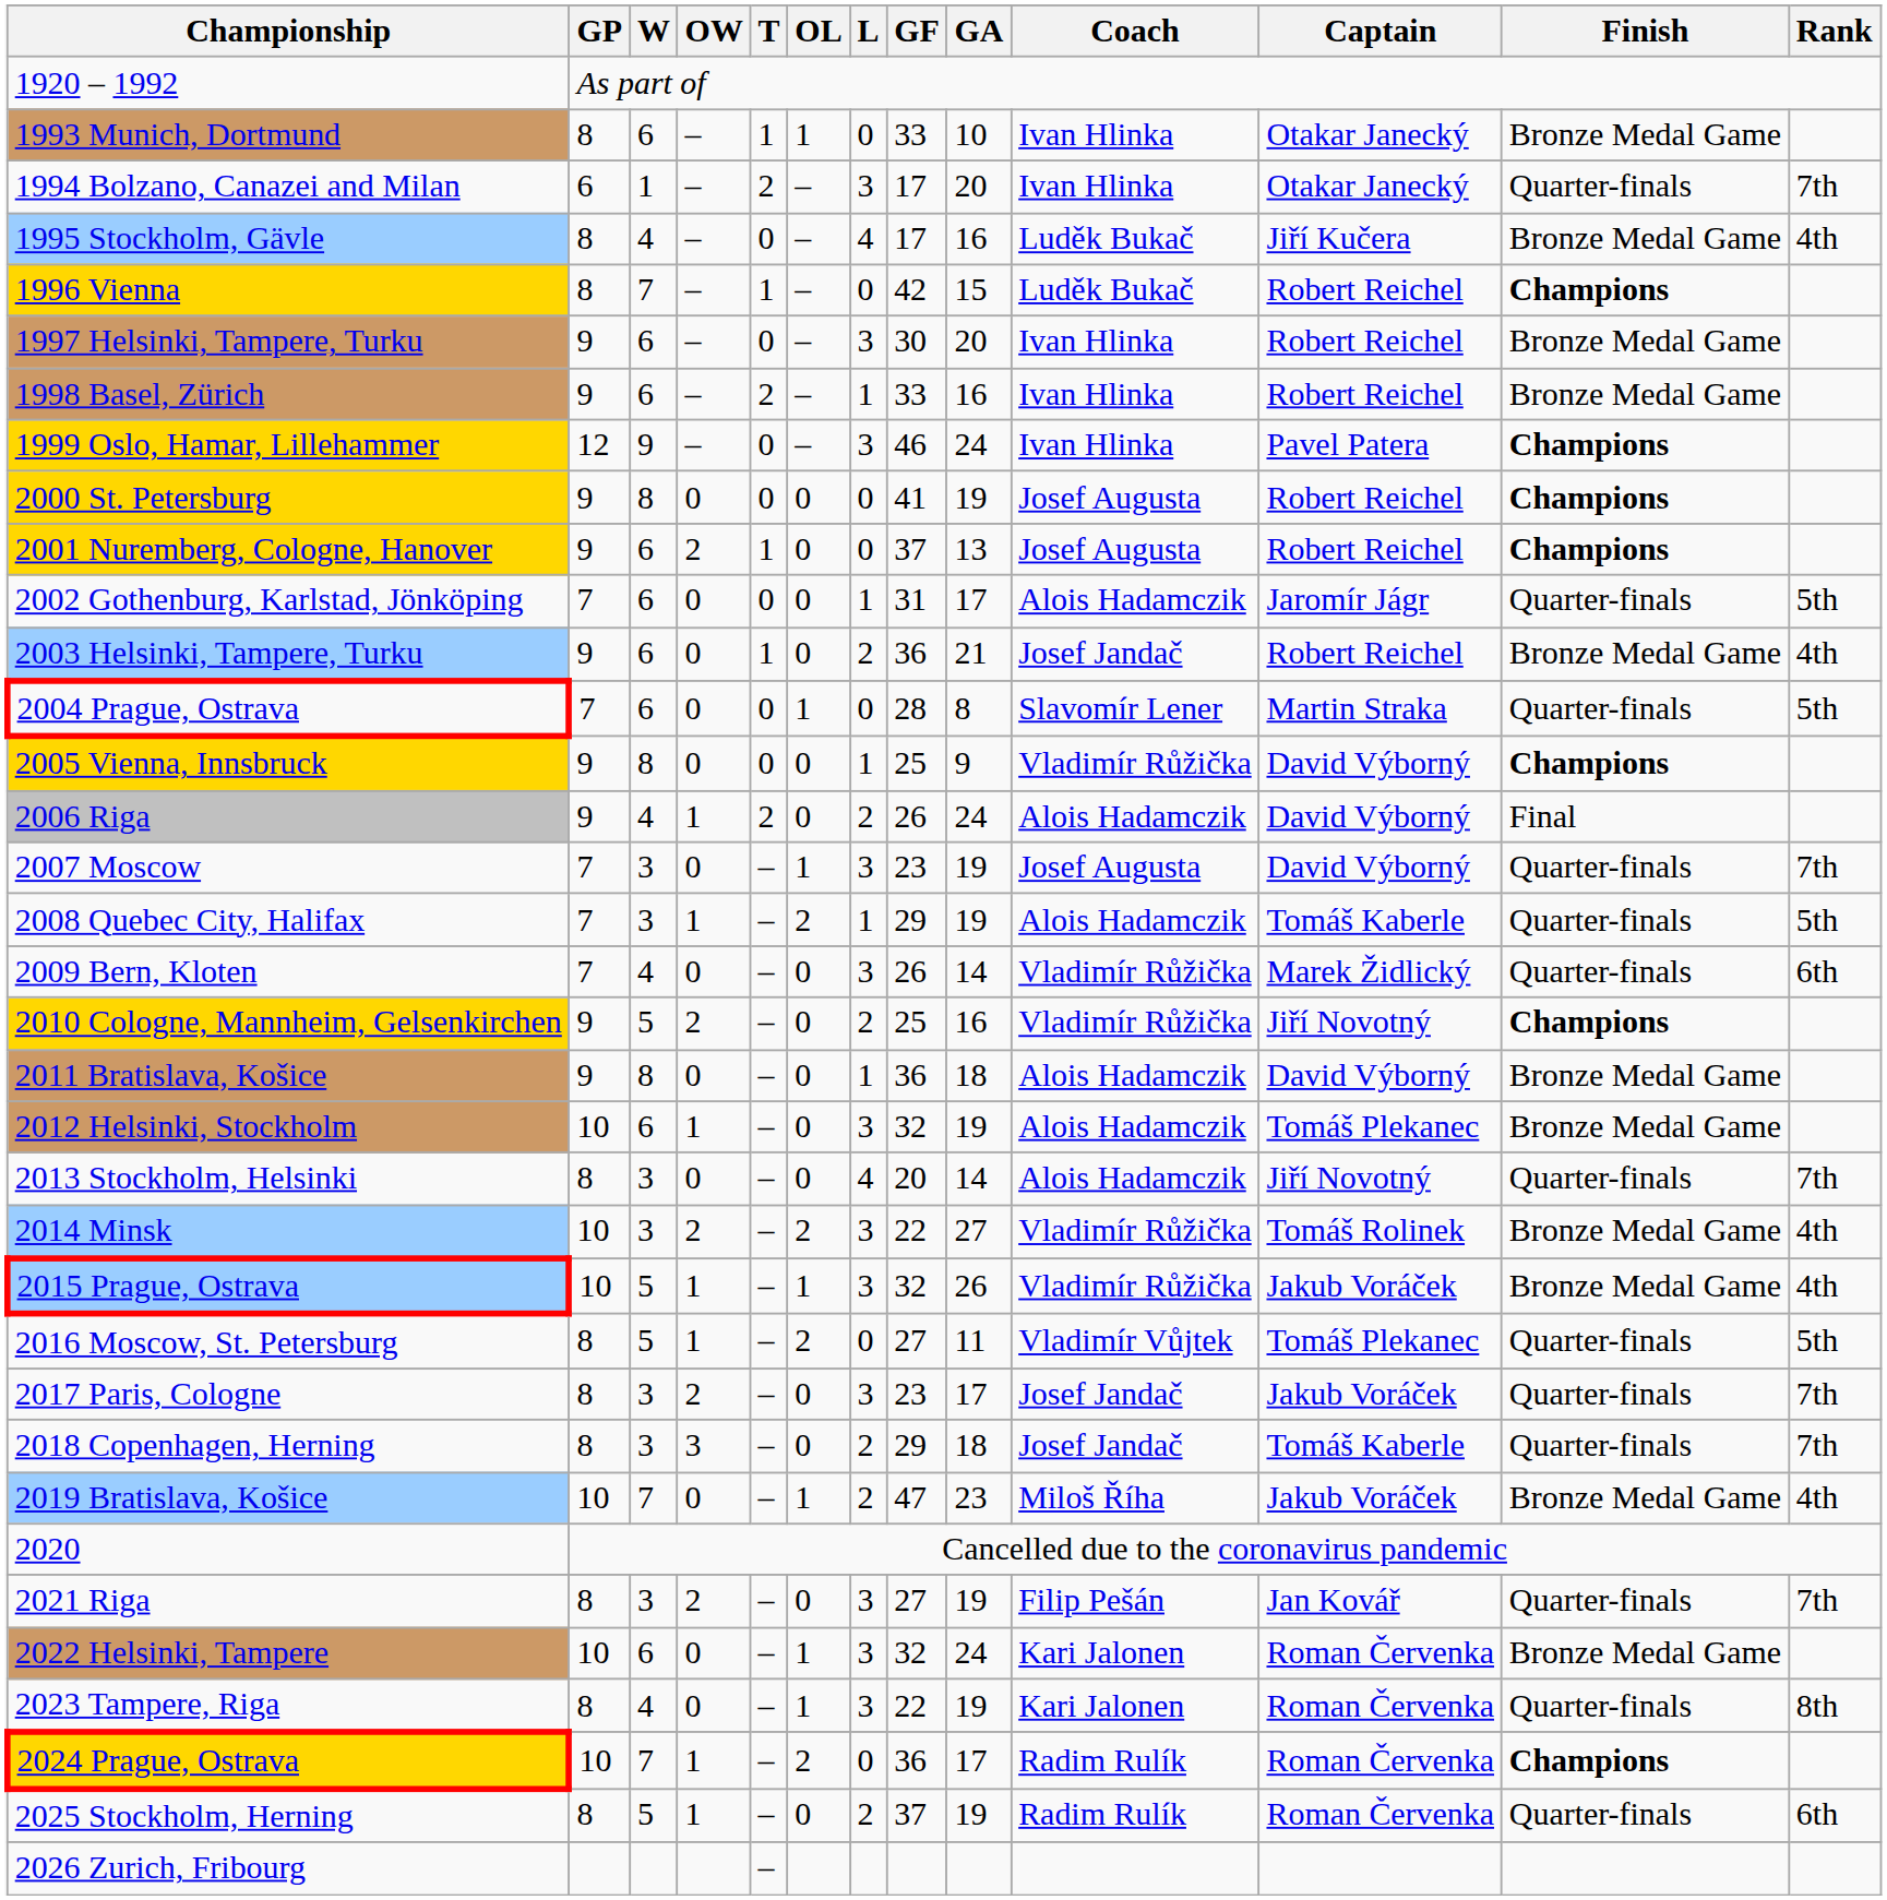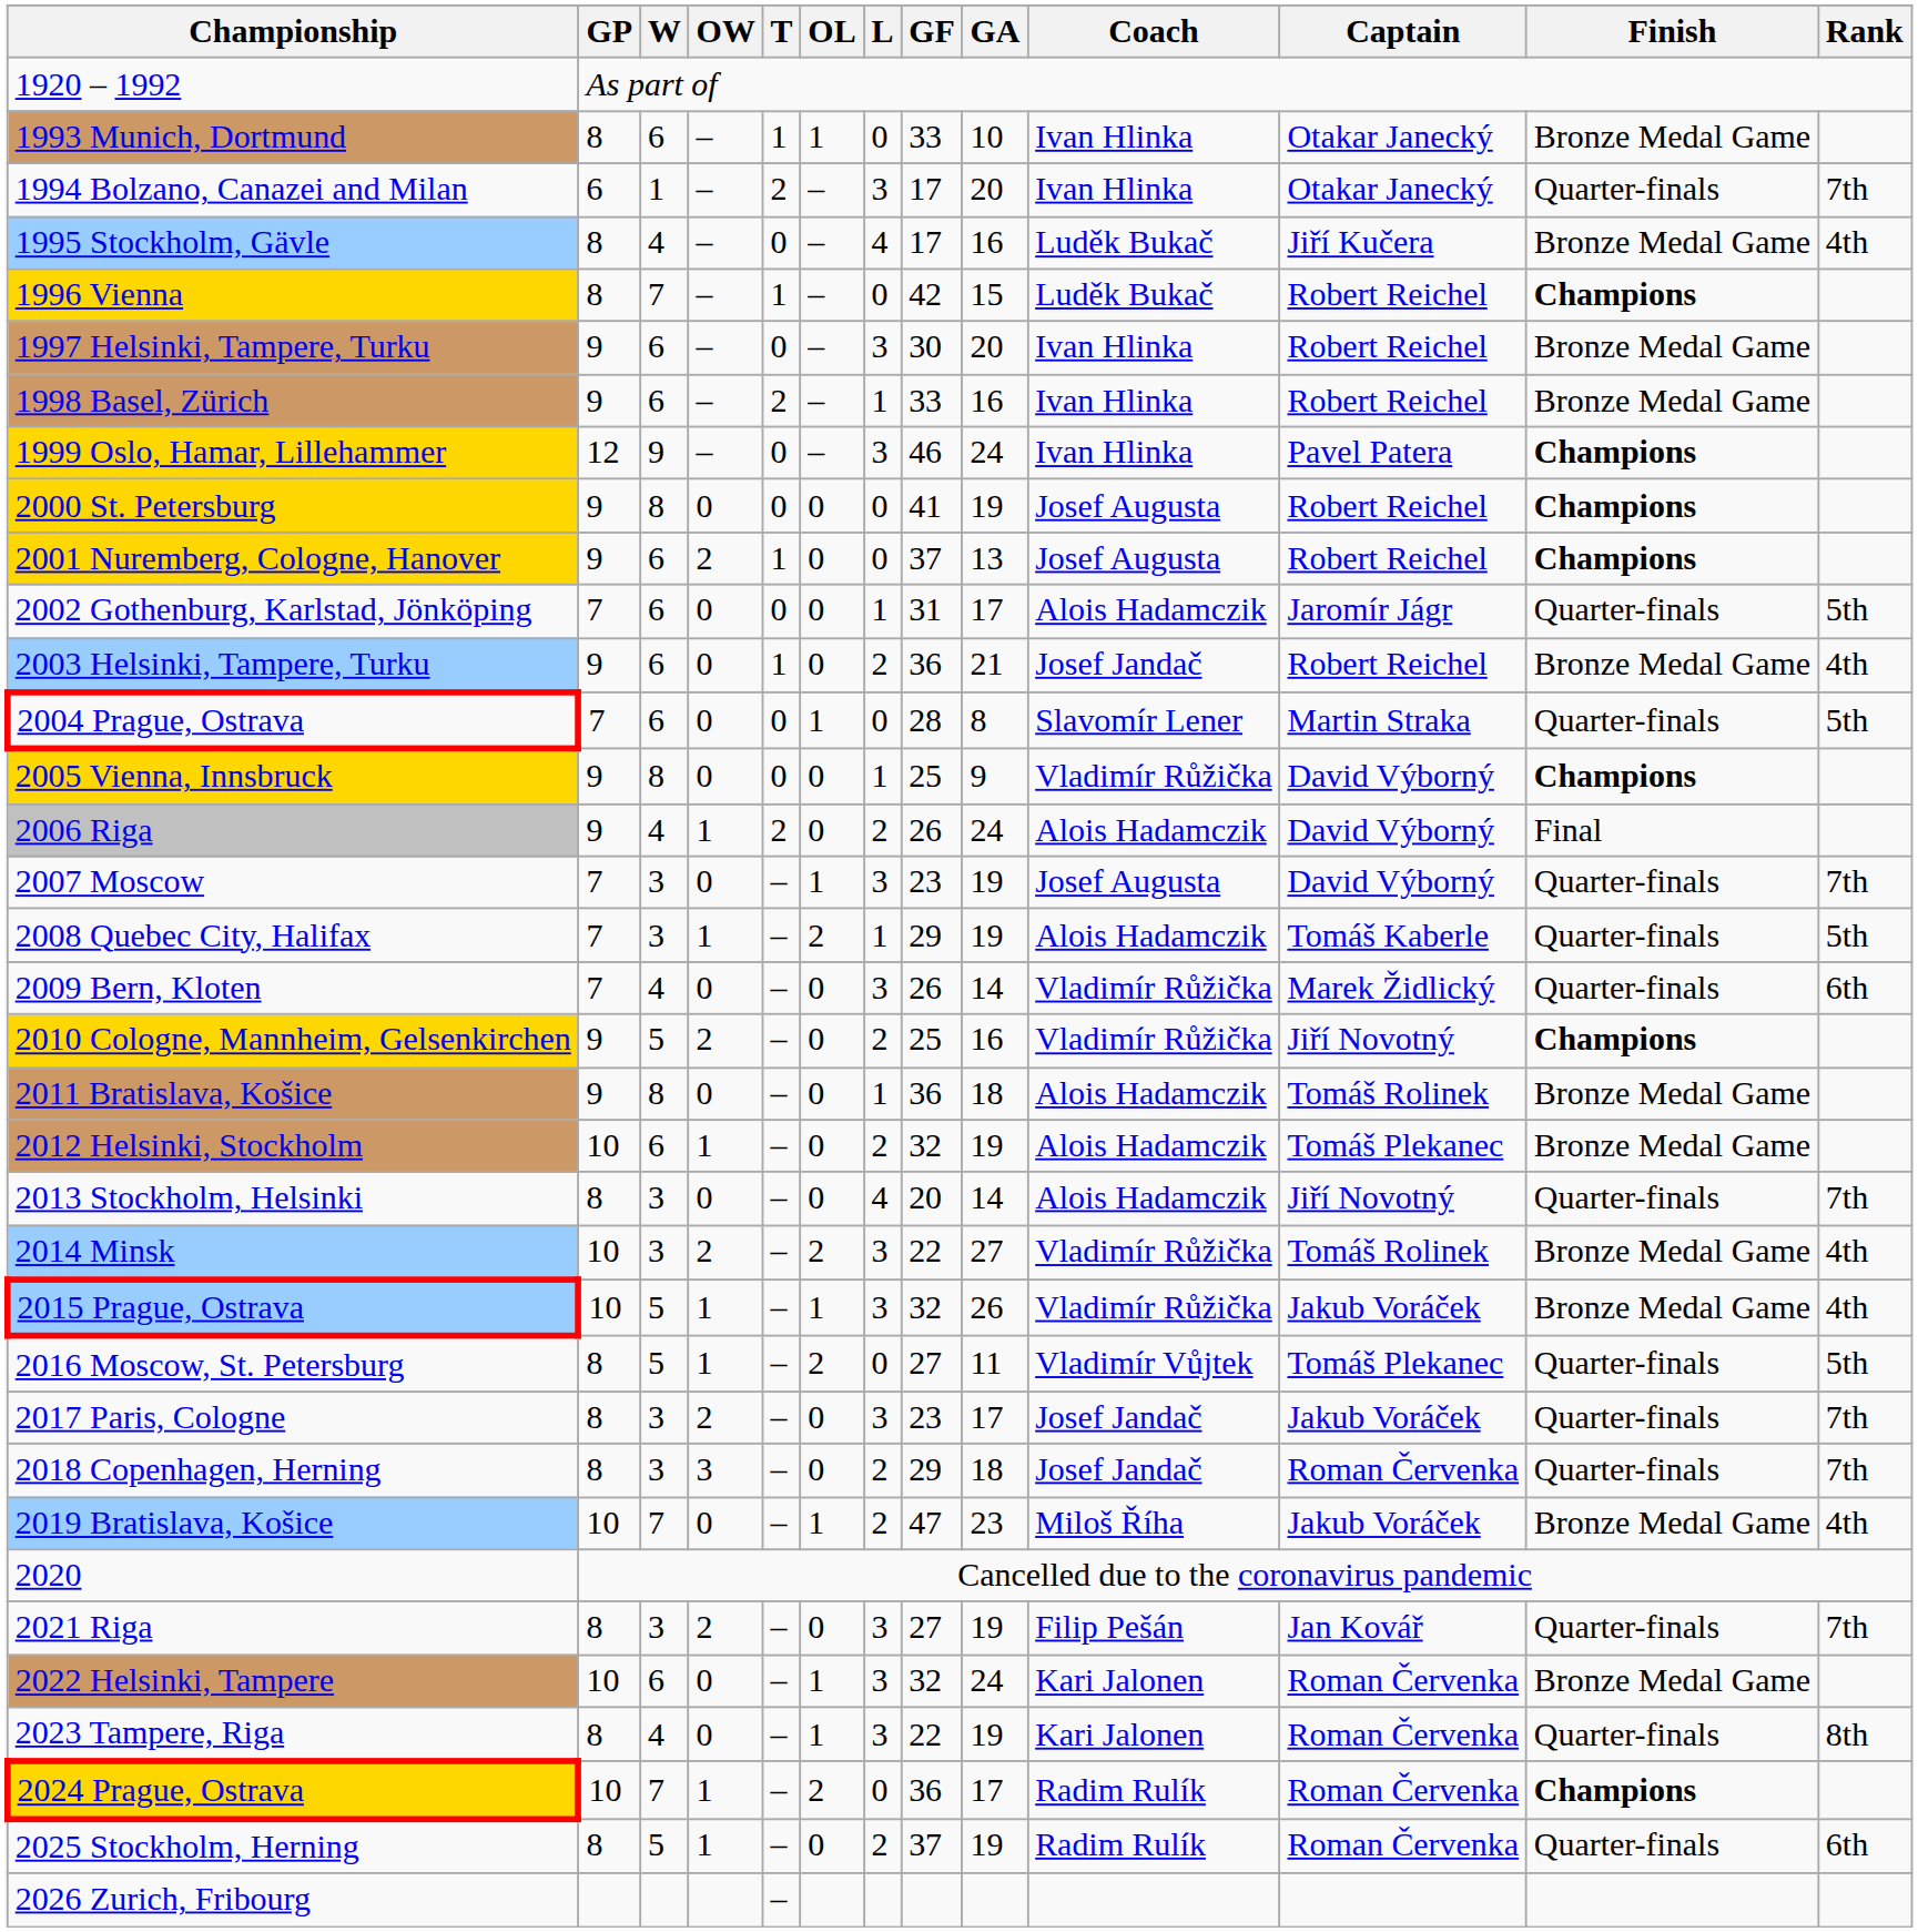 <table class="wikitable sortable">
 <tr>
 <th>Championship</th>
 <th>GP</th>
 <th>W</th>
 <th>OW</th>
 <th>T</th>
 <th>OL</th>
 <th>L</th>
 <th>GF</th>
 <th>GA</th>
 <th>Coach</th>
 <th>Captain</th>
 <th>Finish</th>
 <th>Rank</th>
 </tr>
 <tr>
 <td><a href='#'>1920</a> – <a href='#'>1992</a></td>
 <td colspan=12><em>As part of </em></td>
 </tr>
 <tr>
 <td style="background:#c96;"> <a href='#'>1993 Munich, Dortmund</a></td>
 <td>8</td>
 <td>6</td>
 <td>–</td>
 <td>1</td>
 <td>1</td>
 <td>0</td>
 <td>33</td>
 <td>10</td>
 <td><a href='#'>Ivan Hlinka</a></td>
 <td><a href='#'>Otakar Janecký</a></td>
 <td>Bronze Medal Game</td>
 <td></td>
 </tr>
 <tr>
 <td> <a href='#'>1994 Bolzano, Canazei and Milan</a></td>
 <td>6</td>
 <td>1</td>
 <td>–</td>
 <td>2</td>
 <td>–</td>
 <td>3</td>
 <td>17</td>
 <td>20</td>
 <td><a href='#'>Ivan Hlinka</a></td>
 <td><a href='#'>Otakar Janecký</a></td>
 <td>Quarter-finals</td>
 <td>7th</td>
 </tr>
 <tr>
 <td style="background:#9acdff;"> <a href='#'>1995 Stockholm, Gävle</a></td>
 <td>8</td>
 <td>4</td>
 <td>–</td>
 <td>0</td>
 <td>–</td>
 <td>4</td>
 <td>17</td>
 <td>16</td>
 <td><a href='#'>Luděk Bukač</a></td>
 <td><a href='#'>Jiří Kučera</a></td>
 <td>Bronze Medal Game</td>
 <td>4th</td>
 </tr>
 <tr>
 <td bgcolor=gold> <a href='#'>1996 Vienna</a></td>
 <td>8</td>
 <td>7</td>
 <td>–</td>
 <td>1</td>
 <td>–</td>
 <td>0</td>
 <td>42</td>
 <td>15</td>
 <td><a href='#'>Luděk Bukač</a></td>
 <td><a href='#'>Robert Reichel</a></td>
 <td><strong>Champions</strong></td>
 <td></td>
 </tr>
 <tr>
 <td style="background:#c96;"> <a href='#'>1997 Helsinki, Tampere, Turku</a></td>
 <td>9</td>
 <td>6</td>
 <td>–</td>
 <td>0</td>
 <td>–</td>
 <td>3</td>
 <td>30</td>
 <td>20</td>
 <td><a href='#'>Ivan Hlinka</a></td>
 <td><a href='#'>Robert Reichel</a></td>
 <td>Bronze Medal Game</td>
 <td></td>
 </tr>
 <tr>
 <td style="background:#c96;"> <a href='#'>1998 Basel, Zürich</a></td>
 <td>9</td>
 <td>6</td>
 <td>–</td>
 <td>2</td>
 <td>–</td>
 <td>1</td>
 <td>33</td>
 <td>16</td>
 <td><a href='#'>Ivan Hlinka</a></td>
 <td><a href='#'>Robert Reichel</a></td>
 <td>Bronze Medal Game</td>
 <td></td>
 </tr>
 <tr>
 <td bgcolor=gold> <a href='#'>1999 Oslo, Hamar, Lillehammer</a></td>
 <td>12</td>
 <td>9</td>
 <td>–</td>
 <td>0</td>
 <td>–</td>
 <td>3</td>
 <td>46</td>
 <td>24</td>
 <td><a href='#'>Ivan Hlinka</a></td>
 <td><a href='#'>Pavel Patera</a></td>
 <td><strong>Champions</strong></td>
 <td></td>
 </tr>
 <tr>
 <td bgcolor=gold> <a href='#'>2000 St. Petersburg</a></td>
 <td>9</td>
 <td>8</td>
 <td>0</td>
 <td>0</td>
 <td>0</td>
 <td>0</td>
 <td>41</td>
 <td>19</td>
 <td><a href='#'>Josef Augusta</a></td>
 <td><a href='#'>Robert Reichel</a></td>
 <td><strong>Champions</strong></td>
 <td></td>
 </tr>
 <tr>
 <td bgcolor=gold> <a href='#'>2001 Nuremberg, Cologne, Hanover</a></td>
 <td>9</td>
 <td>6</td>
 <td>2</td>
 <td>1</td>
 <td>0</td>
 <td>0</td>
 <td>37</td>
 <td>13</td>
 <td><a href='#'>Josef Augusta</a></td>
 <td><a href='#'>Robert Reichel</a></td>
 <td><strong>Champions</strong></td>
 <td></td>
 </tr>
 <tr>
 <td> <a href='#'>2002 Gothenburg, Karlstad, Jönköping</a></td>
 <td>7</td>
 <td>6</td>
 <td>0</td>
 <td>0</td>
 <td>0</td>
 <td>1</td>
 <td>31</td>
 <td>17</td>
 <td><a href='#'>Alois Hadamczik</a></td>
 <td><a href='#'>Jaromír Jágr</a></td>
 <td>Quarter-finals</td>
 <td>5th</td>
 </tr>
 <tr>
 <td style="background:#9acdff;"> <a href='#'>2003 Helsinki, Tampere, Turku</a></td>
 <td>9</td>
 <td>6</td>
 <td>0</td>
 <td>1</td>
 <td>0</td>
 <td>2</td>
 <td>36</td>
 <td>21</td>
 <td><a href='#'>Josef Jandač</a></td>
 <td><a href='#'>Robert Reichel</a></td>
 <td>Bronze Medal Game</td>
 <td>4th</td>
 </tr>
 <tr>
 <td style="border:3px solid red;"> <a href='#'>2004 Prague, Ostrava</a></td>
 <td>7</td>
 <td>6</td>
 <td>0</td>
 <td>0</td>
 <td>1</td>
 <td>0</td>
 <td>28</td>
 <td>8</td>
 <td><a href='#'>Slavomír Lener</a></td>
 <td><a href='#'>Martin Straka</a></td>
 <td>Quarter-finals</td>
 <td>5th</td>
 </tr>
 <tr>
 <td bgcolor=gold> <a href='#'>2005 Vienna, Innsbruck</a></td>
 <td>9</td>
 <td>8</td>
 <td>0</td>
 <td>0</td>
 <td>0</td>
 <td>1</td>
 <td>25</td>
 <td>9</td>
 <td><a href='#'>Vladimír Růžička</a></td>
 <td><a href='#'>David Výborný</a></td>
 <td><strong>Champions</strong></td>
 <td></td>
 </tr>
 <tr>
 <td style="background:silver;"> <a href='#'>2006 Riga</a></td>
 <td>9</td>
 <td>4</td>
 <td>1</td>
 <td>2</td>
 <td>0</td>
 <td>2</td>
 <td>26</td>
 <td>24</td>
 <td><a href='#'>Alois Hadamczik</a></td>
 <td><a href='#'>David Výborný</a></td>
 <td>Final</td>
 <td></td>
 </tr>
 <tr>
 <td> <a href='#'>2007 Moscow</a></td>
 <td>7</td>
 <td>3</td>
 <td>0</td>
 <td>–</td>
 <td>1</td>
 <td>3</td>
 <td>23</td>
 <td>19</td>
 <td><a href='#'>Josef Augusta</a></td>
 <td><a href='#'>David Výborný</a></td>
 <td>Quarter-finals</td>
 <td>7th</td>
 </tr>
 <tr>
 <td> <a href='#'>2008 Quebec City, Halifax</a></td>
 <td>7</td>
 <td>3</td>
 <td>1</td>
 <td>–</td>
 <td>2</td>
 <td>1</td>
 <td>29</td>
 <td>19</td>
 <td><a href='#'>Alois Hadamczik</a></td>
 <td><a href='#'>Tomáš Kaberle</a></td>
 <td>Quarter-finals</td>
 <td>5th</td>
 </tr>
 <tr>
 <td> <a href='#'>2009 Bern, Kloten</a></td>
 <td>7</td>
 <td>4</td>
 <td>0</td>
 <td>–</td>
 <td>0</td>
 <td>3</td>
 <td>26</td>
 <td>14</td>
 <td><a href='#'>Vladimír Růžička</a></td>
 <td><a href='#'>Marek Židlický</a></td>
 <td>Quarter-finals</td>
 <td>6th</td>
 </tr>
 <tr>
 <td bgcolor=gold> <a href='#'>2010 Cologne, Mannheim, Gelsenkirchen</a></td>
 <td>9</td>
 <td>5</td>
 <td>2</td>
 <td>–</td>
 <td>0</td>
 <td>2</td>
 <td>25</td>
 <td>16</td>
 <td><a href='#'>Vladimír Růžička</a></td>
 <td><a href='#'>Jiří Novotný</a></td>
 <td><strong>Champions</strong></td>
 <td></td>
 </tr>
 <tr>
 <td style="background:#c96;"> <a href='#'>2011 Bratislava, Košice</a></td>
 <td>9</td>
 <td>8</td>
 <td>0</td>
 <td>–</td>
 <td>0</td>
 <td>1</td>
 <td>36</td>
 <td>18</td>
 <td><a href='#'>Alois Hadamczik</a></td>
-<td><a href='#'>David Výborný</a></td>
+<td><a href='#'>Tomáš Rolinek</a></td>
 <td>Bronze Medal Game</td>
 <td></td>
 </tr>
 <tr>
 <td style="background:#c96;">  <a href='#'>2012 Helsinki, Stockholm</a></td>
 <td>10</td>
 <td>6</td>
 <td>1</td>
 <td>–</td>
 <td>0</td>
-<td>3</td>
+<td>2</td>
 <td>32</td>
 <td>19</td>
 <td><a href='#'>Alois Hadamczik</a></td>
 <td><a href='#'>Tomáš Plekanec</a></td>
 <td>Bronze Medal Game</td>
 <td></td>
 </tr>
 <tr>
 <td>  <a href='#'>2013 Stockholm, Helsinki</a></td>
 <td>8</td>
 <td>3</td>
 <td>0</td>
 <td>–</td>
 <td>0</td>
 <td>4</td>
 <td>20</td>
 <td>14</td>
 <td><a href='#'>Alois Hadamczik</a></td>
 <td><a href='#'>Jiří Novotný</a></td>
 <td>Quarter-finals</td>
 <td>7th</td>
 </tr>
 <tr>
 <td style="background:#9acdff;"> <a href='#'>2014 Minsk</a></td>
 <td>10</td>
 <td>3</td>
 <td>2</td>
 <td>–</td>
 <td>2</td>
 <td>3</td>
 <td>22</td>
 <td>27</td>
 <td><a href='#'>Vladimír Růžička</a></td>
 <td><a href='#'>Tomáš Rolinek</a></td>
 <td>Bronze Medal Game</td>
 <td>4th</td>
 </tr>
 <tr>
 <td style="border:3px solid red;background:#9acdff;"> <a href='#'>2015 Prague, Ostrava</a></td>
 <td>10</td>
 <td>5</td>
 <td>1</td>
 <td>–</td>
 <td>1</td>
 <td>3</td>
 <td>32</td>
 <td>26</td>
 <td><a href='#'>Vladimír Růžička</a></td>
 <td><a href='#'>Jakub Voráček</a></td>
 <td>Bronze Medal Game</td>
 <td>4th</td>
 </tr>
 <tr>
 <td> <a href='#'>2016 Moscow, St. Petersburg</a></td>
 <td>8</td>
 <td>5</td>
 <td>1</td>
 <td>–</td>
 <td>2</td>
 <td>0</td>
 <td>27</td>
 <td>11</td>
 <td><a href='#'>Vladimír Vůjtek</a></td>
 <td><a href='#'>Tomáš Plekanec</a></td>
 <td>Quarter-finals</td>
 <td>5th</td>
 </tr>
 <tr>
 <td>  <a href='#'>2017 Paris, Cologne</a></td>
 <td>8</td>
 <td>3</td>
 <td>2</td>
 <td>–</td>
 <td>0</td>
 <td>3</td>
 <td>23</td>
 <td>17</td>
 <td><a href='#'>Josef Jandač</a></td>
 <td><a href='#'>Jakub Voráček</a></td>
 <td>Quarter-finals</td>
 <td>7th</td>
 </tr>
 <tr>
 <td> <a href='#'>2018 Copenhagen, Herning</a></td>
 <td>8</td>
 <td>3</td>
 <td>3</td>
 <td>–</td>
 <td>0</td>
 <td>2</td>
 <td>29</td>
 <td>18</td>
 <td><a href='#'>Josef Jandač</a></td>
-<td><a href='#'>Tomáš Kaberle</a></td>
+<td><a href='#'>Roman Červenka</a></td>
 <td>Quarter-finals</td>
 <td>7th</td>
 </tr>
 <tr>
 <td style="background:#9acdff;"> <a href='#'>2019 Bratislava, Košice</a></td>
 <td>10</td>
 <td>7</td>
 <td>0</td>
 <td>–</td>
 <td>1</td>
 <td>2</td>
 <td>47</td>
 <td>23</td>
 <td><a href='#'>Miloš Říha</a></td>
 <td><a href='#'>Jakub Voráček</a></td>
 <td>Bronze Medal Game</td>
 <td>4th</td>
 </tr>
 <tr>
 <td><a href='#'>2020</a></td>
 <td colspan="12" style="text-align:center;">Cancelled due to the <a href='#'>coronavirus pandemic</a></td>
 </tr>
 <tr>
 <td> <a href='#'>2021 Riga</a></td>
 <td>8</td>
 <td>3</td>
 <td>2</td>
 <td>–</td>
 <td>0</td>
 <td>3</td>
 <td>27</td>
 <td>19</td>
 <td><a href='#'>Filip Pešán</a></td>
 <td><a href='#'>Jan Kovář</a></td>
 <td>Quarter-finals</td>
 <td>7th</td>
 </tr>
 <tr>
 <td style="background:#c96;"> <a href='#'>2022 Helsinki, Tampere</a></td>
 <td>10</td>
 <td>6</td>
 <td>0</td>
 <td>–</td>
 <td>1</td>
 <td>3</td>
 <td>32</td>
 <td>24</td>
 <td> <a href='#'>Kari Jalonen</a></td>
 <td><a href='#'>Roman Červenka</a></td>
 <td>Bronze Medal Game</td>
 <td></td>
 </tr>
 <tr>
 <td>  <a href='#'>2023 Tampere, Riga</a></td>
 <td>8</td>
 <td>4</td>
 <td>0</td>
 <td>–</td>
 <td>1</td>
 <td>3</td>
 <td>22</td>
 <td>19</td>
 <td> <a href='#'>Kari Jalonen</a></td>
 <td><a href='#'>Roman Červenka</a></td>
 <td>Quarter-finals</td>
 <td>8th</td>
 </tr>
 <tr>
 <td style="border:3px solid red; background:gold;"> <a href='#'>2024 Prague, Ostrava</a></td>
 <td>10</td>
 <td>7</td>
 <td>1</td>
 <td>–</td>
 <td>2</td>
 <td>0</td>
 <td>36</td>
 <td>17</td>
 <td><a href='#'>Radim Rulík</a></td>
 <td><a href='#'>Roman Červenka</a></td>
 <td><strong>Champions</strong></td>
 <td></td>
 </tr>
 <tr>
 <td>  <a href='#'>2025 Stockholm, Herning</a></td>
 <td>8</td>
 <td>5</td>
 <td>1</td>
 <td>–</td>
 <td>0</td>
 <td>2</td>
 <td>37</td>
 <td>19</td>
 <td><a href='#'>Radim Rulík</a></td>
 <td><a href='#'>Roman Červenka</a></td>
 <td>Quarter-finals</td>
 <td>6th</td>
 </tr>
 <tr>
 <td> <a href='#'>2026 Zurich, Fribourg</a></td>
 <td></td>
 <td></td>
 <td></td>
 <td>–</td>
 <td></td>
 <td></td>
 <td></td>
 <td></td>
 <td></td>
 <td></td>
 <td></td>
 <td></td>
 </tr>
 </table>
